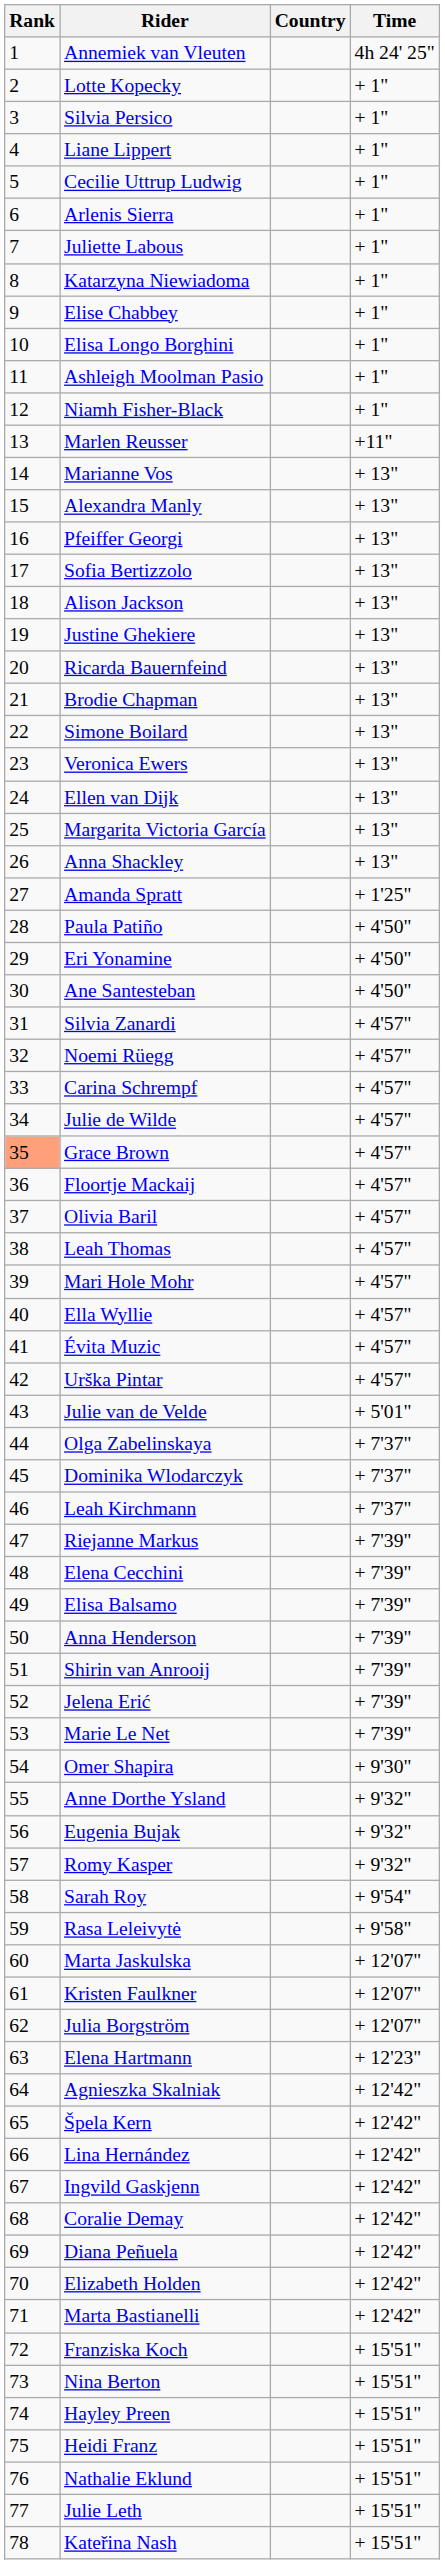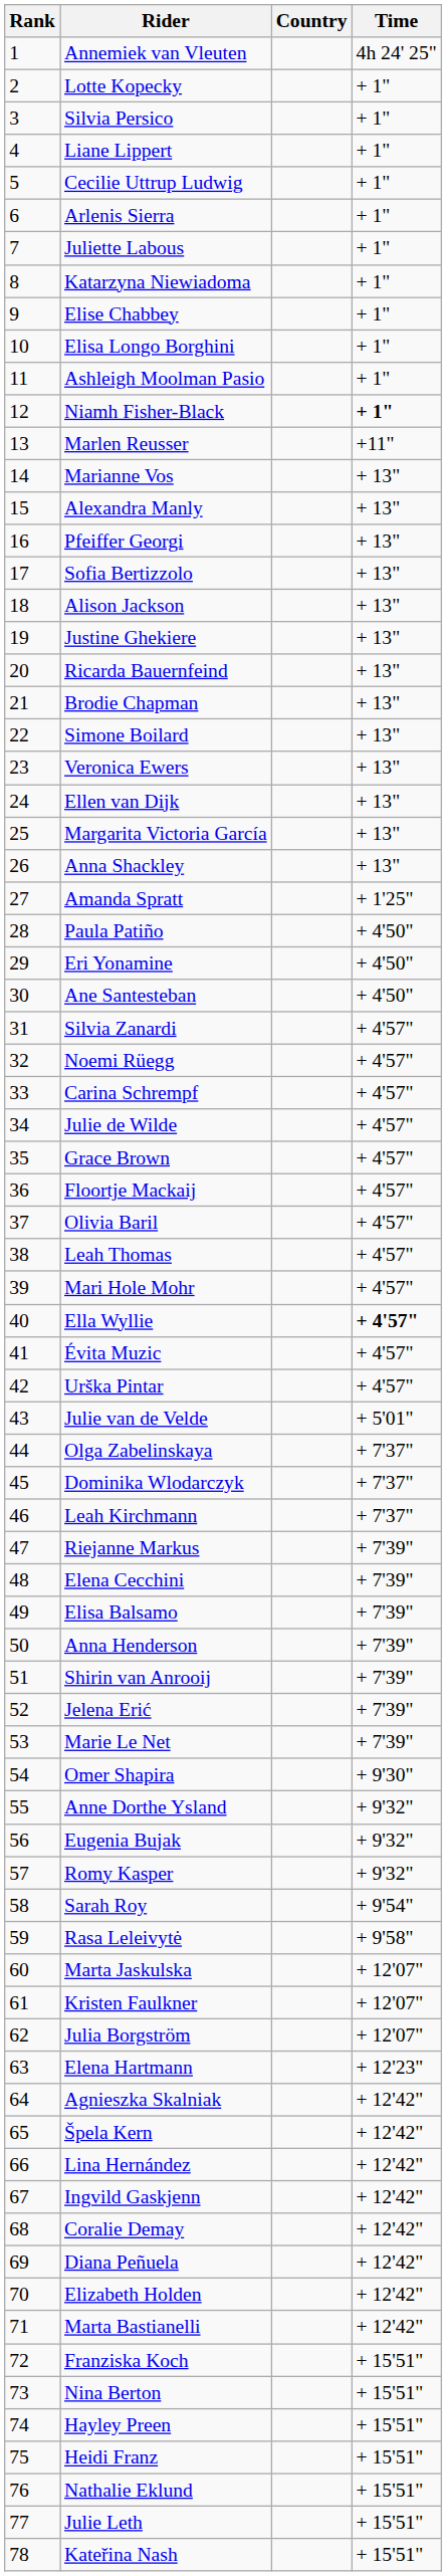 <table class="wikitable sortable" style="font-size:95%; text-align:left;">
 <tr>
 <th>Rank</th>
 <th>Rider</th>
 <th>Country</th>
 <th>Time</th>
 </tr>
 <tr>
 <td>1</td>
 <td><a href='#'>Annemiek van Vleuten</a></td>
 <td></td>
 <td>4h 24' 25"</td>
 </tr>
 <tr>
 <td>2</td>
 <td><a href='#'>Lotte Kopecky</a></td>
 <td></td>
 <td>+ 1"</td>
 </tr>
 <tr>
 <td>3</td>
 <td><a href='#'>Silvia Persico</a></td>
 <td></td>
 <td>+ 1"</td>
 </tr>
 <tr>
 <td>4</td>
 <td><a href='#'>Liane Lippert</a></td>
 <td></td>
 <td>+ 1"</td>
 </tr>
 <tr>
 <td>5</td>
 <td><a href='#'>Cecilie Uttrup Ludwig</a></td>
 <td></td>
 <td>+ 1"</td>
 </tr>
 <tr>
 <td>6</td>
 <td><a href='#'>Arlenis Sierra</a></td>
 <td></td>
 <td>+ 1"</td>
 </tr>
 <tr>
 <td>7</td>
 <td><a href='#'>Juliette Labous</a></td>
 <td></td>
 <td>+ 1"</td>
 </tr>
 <tr>
 <td>8</td>
 <td><a href='#'>Katarzyna Niewiadoma</a></td>
 <td></td>
 <td>+ 1"</td>
 </tr>
 <tr>
 <td>9</td>
 <td><a href='#'>Elise Chabbey</a></td>
 <td></td>
 <td>+ 1"</td>
 </tr>
 <tr>
 <td>10</td>
 <td><a href='#'>Elisa Longo Borghini</a></td>
 <td></td>
 <td>+ 1"</td>
 </tr>
 <tr>
 <td>11</td>
 <td><a href='#'>Ashleigh Moolman Pasio</a></td>
 <td></td>
 <td>+ 1"</td>
 </tr>
 <tr>
 <td>12</td>
 <td><a href='#'>Niamh Fisher-Black</a></td>
 <td></td>
-<td>+ 1"</td>
+<td><strong>+ 1"</strong></td>
 </tr>
 <tr>
 <td>13</td>
 <td><a href='#'>Marlen Reusser</a></td>
 <td></td>
 <td>+11"</td>
 </tr>
 <tr>
 <td>14</td>
 <td><a href='#'>Marianne Vos</a></td>
 <td></td>
 <td>+ 13"</td>
 </tr>
 <tr>
 <td>15</td>
 <td><a href='#'>Alexandra Manly</a></td>
 <td></td>
 <td>+ 13"</td>
 </tr>
 <tr>
 <td>16</td>
 <td><a href='#'>Pfeiffer Georgi</a></td>
 <td></td>
 <td>+ 13"</td>
 </tr>
 <tr>
 <td>17</td>
 <td><a href='#'>Sofia Bertizzolo</a></td>
 <td></td>
 <td>+ 13"</td>
 </tr>
 <tr>
 <td>18</td>
 <td><a href='#'>Alison Jackson</a></td>
 <td></td>
 <td>+ 13"</td>
 </tr>
 <tr>
 <td>19</td>
 <td><a href='#'>Justine Ghekiere</a></td>
 <td></td>
 <td>+ 13"</td>
 </tr>
 <tr>
 <td>20</td>
 <td><a href='#'>Ricarda Bauernfeind</a></td>
 <td></td>
 <td>+ 13"</td>
 </tr>
 <tr>
 <td>21</td>
 <td><a href='#'>Brodie Chapman</a></td>
 <td></td>
 <td>+ 13"</td>
 </tr>
 <tr>
 <td>22</td>
 <td><a href='#'>Simone Boilard</a></td>
 <td></td>
 <td>+ 13"</td>
 </tr>
 <tr>
 <td>23</td>
 <td><a href='#'>Veronica Ewers</a></td>
 <td></td>
 <td>+ 13"</td>
 </tr>
 <tr>
 <td>24</td>
 <td><a href='#'>Ellen van Dijk</a></td>
 <td></td>
 <td>+ 13"</td>
 </tr>
 <tr>
 <td>25</td>
 <td><a href='#'>Margarita Victoria García</a></td>
 <td></td>
 <td>+ 13"</td>
 </tr>
 <tr>
 <td>26</td>
 <td><a href='#'>Anna Shackley</a></td>
 <td></td>
 <td>+ 13"</td>
 </tr>
 <tr>
 <td>27</td>
 <td><a href='#'>Amanda Spratt</a></td>
 <td></td>
 <td>+ 1'25"</td>
 </tr>
 <tr>
 <td>28</td>
 <td><a href='#'>Paula Patiño</a></td>
 <td></td>
 <td>+ 4'50"</td>
 </tr>
 <tr>
 <td>29</td>
 <td><a href='#'>Eri Yonamine</a></td>
 <td></td>
 <td>+ 4'50"</td>
 </tr>
 <tr>
 <td>30</td>
 <td><a href='#'>Ane Santesteban</a></td>
 <td></td>
 <td>+ 4'50"</td>
 </tr>
 <tr>
 <td>31</td>
 <td><a href='#'>Silvia Zanardi</a></td>
 <td></td>
 <td>+ 4'57"</td>
 </tr>
 <tr>
 <td>32</td>
 <td><a href='#'>Noemi Rüegg</a></td>
 <td></td>
 <td>+ 4'57"</td>
 </tr>
 <tr>
 <td>33</td>
 <td><a href='#'>Carina Schrempf</a></td>
 <td></td>
 <td>+ 4'57"</td>
 </tr>
 <tr>
 <td>34</td>
 <td><a href='#'>Julie de Wilde</a></td>
 <td></td>
 <td>+ 4'57"</td>
 </tr>
 <tr>
-<td style="background: lightsalmon;">35</td>
+<td>35</td>
 <td><a href='#'>Grace Brown</a></td>
 <td></td>
 <td>+ 4'57"</td>
 </tr>
 <tr>
 <td>36</td>
 <td><a href='#'>Floortje Mackaij</a></td>
 <td></td>
 <td>+ 4'57"</td>
 </tr>
 <tr>
 <td>37</td>
 <td><a href='#'>Olivia Baril</a></td>
 <td></td>
 <td>+ 4'57"</td>
 </tr>
 <tr>
 <td>38</td>
 <td><a href='#'>Leah Thomas</a></td>
 <td></td>
 <td>+ 4'57"</td>
 </tr>
 <tr>
 <td>39</td>
 <td><a href='#'>Mari Hole Mohr</a></td>
 <td></td>
 <td>+ 4'57"</td>
 </tr>
 <tr>
 <td>40</td>
 <td><a href='#'>Ella Wyllie</a></td>
 <td></td>
-<td>+ 4'57"</td>
+<td><strong>+ 4'57"</strong></td>
 </tr>
 <tr>
 <td>41</td>
 <td><a href='#'>Évita Muzic</a></td>
 <td></td>
 <td>+ 4'57"</td>
 </tr>
 <tr>
 <td>42</td>
 <td><a href='#'>Urška Pintar</a></td>
 <td></td>
 <td>+ 4'57"</td>
 </tr>
 <tr>
 <td>43</td>
 <td><a href='#'>Julie van de Velde</a></td>
 <td></td>
 <td>+ 5'01"</td>
 </tr>
 <tr>
 <td>44</td>
 <td><a href='#'>Olga Zabelinskaya</a></td>
 <td></td>
 <td>+ 7'37"</td>
 </tr>
 <tr>
 <td>45</td>
 <td><a href='#'>Dominika Wlodarczyk</a></td>
 <td></td>
 <td>+ 7'37"</td>
 </tr>
 <tr>
 <td>46</td>
 <td><a href='#'>Leah Kirchmann</a></td>
 <td></td>
 <td>+ 7'37"</td>
 </tr>
 <tr>
 <td>47</td>
 <td><a href='#'>Riejanne Markus</a></td>
 <td></td>
 <td>+ 7'39"</td>
 </tr>
 <tr>
 <td>48</td>
 <td><a href='#'>Elena Cecchini</a></td>
 <td></td>
 <td>+ 7'39"</td>
 </tr>
 <tr>
 <td>49</td>
 <td><a href='#'>Elisa Balsamo</a></td>
 <td></td>
 <td>+ 7'39"</td>
 </tr>
 <tr>
 <td>50</td>
 <td><a href='#'>Anna Henderson</a></td>
 <td></td>
 <td>+ 7'39"</td>
 </tr>
 <tr>
 <td>51</td>
 <td><a href='#'>Shirin van Anrooij</a></td>
 <td></td>
 <td>+ 7'39"</td>
 </tr>
 <tr>
 <td>52</td>
 <td><a href='#'>Jelena Erić</a></td>
 <td></td>
 <td>+ 7'39"</td>
 </tr>
 <tr>
 <td>53</td>
 <td><a href='#'>Marie Le Net</a></td>
 <td></td>
 <td>+ 7'39"</td>
 </tr>
 <tr>
 <td>54</td>
 <td><a href='#'>Omer Shapira</a></td>
 <td></td>
 <td>+ 9'30"</td>
 </tr>
 <tr>
 <td>55</td>
 <td><a href='#'>Anne Dorthe Ysland</a></td>
 <td></td>
 <td>+ 9'32"</td>
 </tr>
 <tr>
 <td>56</td>
 <td><a href='#'>Eugenia Bujak</a></td>
 <td></td>
 <td>+ 9'32"</td>
 </tr>
 <tr>
 <td>57</td>
 <td><a href='#'>Romy Kasper</a></td>
 <td></td>
 <td>+ 9'32"</td>
 </tr>
 <tr>
 <td>58</td>
 <td><a href='#'>Sarah Roy</a></td>
 <td></td>
 <td>+ 9'54"</td>
 </tr>
 <tr>
 <td>59</td>
 <td><a href='#'>Rasa Leleivytė</a></td>
 <td></td>
 <td>+ 9'58"</td>
 </tr>
 <tr>
 <td>60</td>
 <td><a href='#'>Marta Jaskulska</a></td>
 <td></td>
 <td>+ 12'07"</td>
 </tr>
 <tr>
 <td>61</td>
 <td><a href='#'>Kristen Faulkner</a></td>
 <td></td>
 <td>+ 12'07"</td>
 </tr>
 <tr>
 <td>62</td>
 <td><a href='#'>Julia Borgström</a></td>
 <td></td>
 <td>+ 12'07"</td>
 </tr>
 <tr>
 <td>63</td>
 <td><a href='#'>Elena Hartmann</a></td>
 <td></td>
 <td>+ 12'23"</td>
 </tr>
 <tr>
 <td>64</td>
 <td><a href='#'>Agnieszka Skalniak</a></td>
 <td></td>
 <td>+ 12'42"</td>
 </tr>
 <tr>
 <td>65</td>
 <td><a href='#'>Špela Kern</a></td>
 <td></td>
 <td>+ 12'42"</td>
 </tr>
 <tr>
 <td>66</td>
 <td><a href='#'>Lina Hernández</a></td>
 <td></td>
 <td>+ 12'42"</td>
 </tr>
 <tr>
 <td>67</td>
 <td><a href='#'>Ingvild Gaskjenn</a></td>
 <td></td>
 <td>+ 12'42"</td>
 </tr>
 <tr>
 <td>68</td>
 <td><a href='#'>Coralie Demay</a></td>
 <td></td>
 <td>+ 12'42"</td>
 </tr>
 <tr>
 <td>69</td>
 <td><a href='#'>Diana Peñuela</a></td>
 <td></td>
 <td>+ 12'42"</td>
 </tr>
 <tr>
 <td>70</td>
 <td><a href='#'>Elizabeth Holden</a></td>
 <td></td>
 <td>+ 12'42"</td>
 </tr>
 <tr>
 <td>71</td>
 <td><a href='#'>Marta Bastianelli</a></td>
 <td></td>
 <td>+ 12'42"</td>
 </tr>
 <tr>
 <td>72</td>
 <td><a href='#'>Franziska Koch</a></td>
 <td></td>
 <td>+ 15'51"</td>
 </tr>
 <tr>
 <td>73</td>
 <td><a href='#'>Nina Berton</a></td>
 <td></td>
 <td>+ 15'51"</td>
 </tr>
 <tr>
 <td>74</td>
 <td><a href='#'>Hayley Preen</a></td>
 <td></td>
 <td>+ 15'51"</td>
 </tr>
 <tr>
 <td>75</td>
 <td><a href='#'>Heidi Franz</a></td>
 <td></td>
 <td>+ 15'51"</td>
 </tr>
 <tr>
 <td>76</td>
 <td><a href='#'>Nathalie Eklund</a></td>
 <td></td>
 <td>+ 15'51"</td>
 </tr>
 <tr>
 <td>77</td>
 <td><a href='#'>Julie Leth</a></td>
 <td></td>
 <td>+ 15'51"</td>
 </tr>
 <tr>
 <td>78</td>
 <td><a href='#'>Kateřina Nash</a></td>
 <td></td>
 <td>+ 15'51"</td>
 </tr>
 </table>
